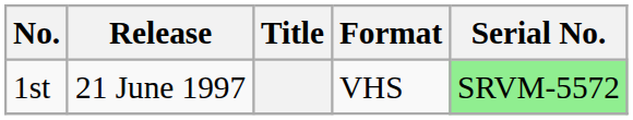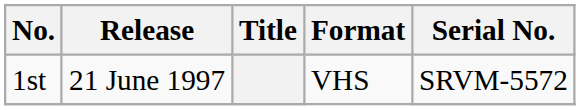 <table class="wikitable sortable" style="font-size:small">
 <tr>
 <th>No.</th>
 <th>Release</th>
 <th>Title</th>
 <th>Format</th>
 <th>Serial No.</th>
 </tr>
 <tr>
 <td>1st</td>
 <td>21 June 1997</td>
 <th></th>
 <td rowspan="3">VHS</td>
-<td style="background: lightgreen;">SRVM-5572</td>
+<td>SRVM-5572</td>
 </tr>
 <tr>
 </tr>
 </table>
